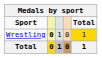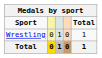 <table class="wikitable" style="font-size:85%; float:right">
 <tr style="background:#efefef;">
 <th colspan=7><strong>Medals by sport</strong></th>
 </tr>
 <tr align=center>
 <td><strong>Sport</strong></td>
 <td style="background:#f7f6a8;"></td>
 <td style="background:#dce5e5;"></td>
 <td style="background:#ffdab9;"></td>
 <td><strong>Total</strong></td>
 </tr>
 <tr align=center>
 <td><a href='#'>Wrestling</a></td>
-<td style="background:#f7f6a8;"><strong>0</strong></td>
+<td style="background:#f7f6a8;">0</td>
 <td style="background:#dce5e5;">1</td>
 <td style="background:#ffdab9;">0</td>
-<td style="background: gold;">1</td>
+<td>1</td>
 </tr>
 <tr align=center>
 <th><strong>Total</strong></th>
 <th style="background:gold;"><strong>0</strong></th>
 <th style="background:silver;"><strong>1</strong></th>
 <th style="background:#c96;"><strong>0</strong></th>
 <th><strong>1</strong></th>
 </tr>
 </table>
